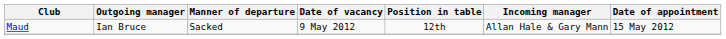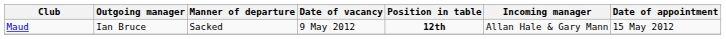 <table class="wikitable">
 <tr>
 <th width=120>Club</th>
 <th>Outgoing manager</th>
 <th>Manner of departure</th>
 <th>Date of vacancy</th>
 <th>Position in table</th>
 <th>Incoming manager</th>
 <th>Date of appointment</th>
 </tr>
 <tr>
 <td><a href='#'>Maud</a></td>
 <td>Ian Bruce</td>
 <td>Sacked</td>
 <td>9 May 2012</td>
-<td align="center">12th</td>
+<td align="center"><strong>12th</strong></td>
 <td>Allan Hale & Gary Mann </td>
 <td>15 May 2012</td>
 </tr>
 <tr>
 </tr>
 </table>
